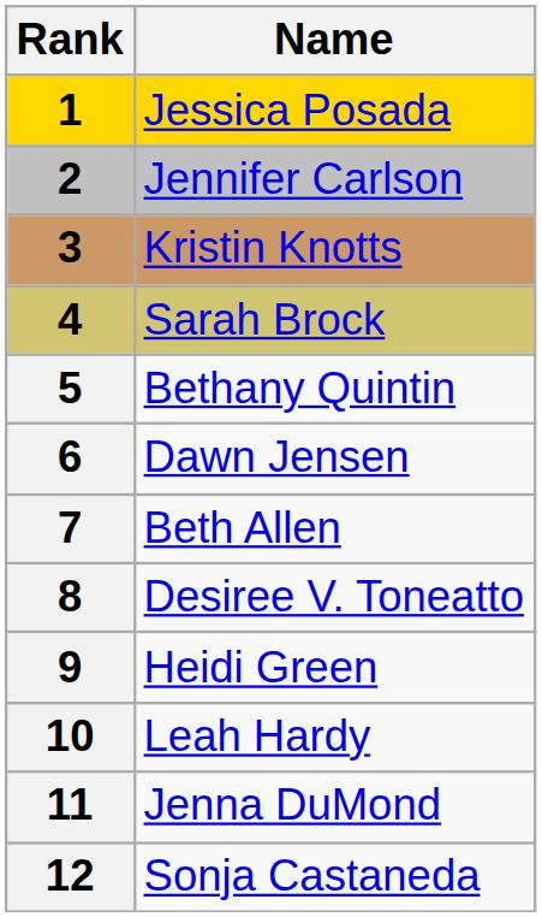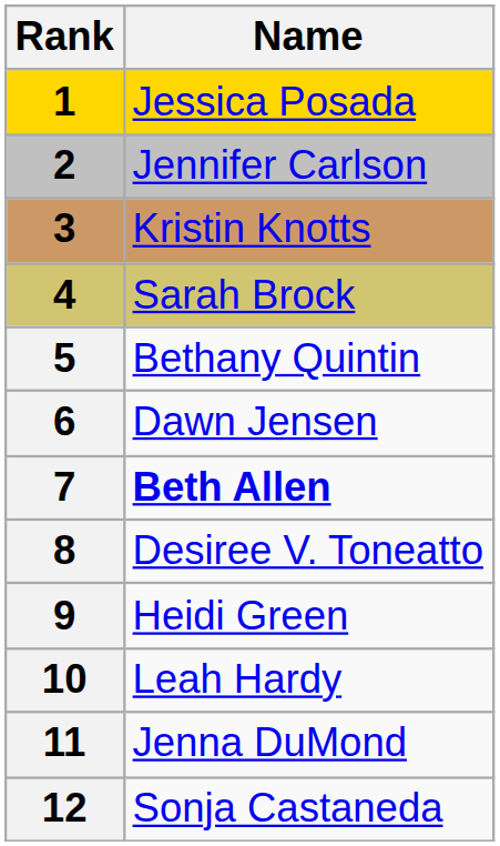 <table class="wikitable">
 <tr>
 <th>Rank</th>
 <th>Name</th>
 </tr>
 <tr bgcolor="gold">
 <td align="center"><strong>1</strong></td>
 <td><a href='#'>Jessica Posada</a></td>
 </tr>
 <tr bgcolor="silver">
 <td align="center"><strong>2</strong></td>
 <td><a href='#'>Jennifer Carlson</a></td>
 </tr>
 <tr bgcolor="cc9966">
 <td align="center"><strong>3</strong></td>
 <td><a href='#'>Kristin Knotts</a></td>
 </tr>
 <tr bgcolor="#d1c571">
 <td align="center"><strong>4</strong></td>
 <td><a href='#'>Sarah Brock</a></td>
 </tr>
 <tr>
 <th>5</th>
 <td><a href='#'>Bethany Quintin</a></td>
 </tr>
 <tr>
 <th>6</th>
 <td><a href='#'>Dawn Jensen</a></td>
 </tr>
 <tr>
 <th>7</th>
-<td><a href='#'>Beth Allen</a></td>
+<td><strong><a href='#'>Beth Allen</a></strong></td>
 </tr>
 <tr>
 <th>8</th>
 <td><a href='#'>Desiree V. Toneatto</a></td>
 </tr>
 <tr>
 <th>9</th>
 <td><a href='#'>Heidi Green</a></td>
 </tr>
 <tr>
 <th>10</th>
 <td><a href='#'>Leah Hardy</a></td>
 </tr>
 <tr>
 <th>11</th>
 <td><a href='#'>Jenna DuMond</a></td>
 </tr>
 <tr>
 <th>12</th>
 <td><a href='#'>Sonja Castaneda</a></td>
 </tr>
 </table>
